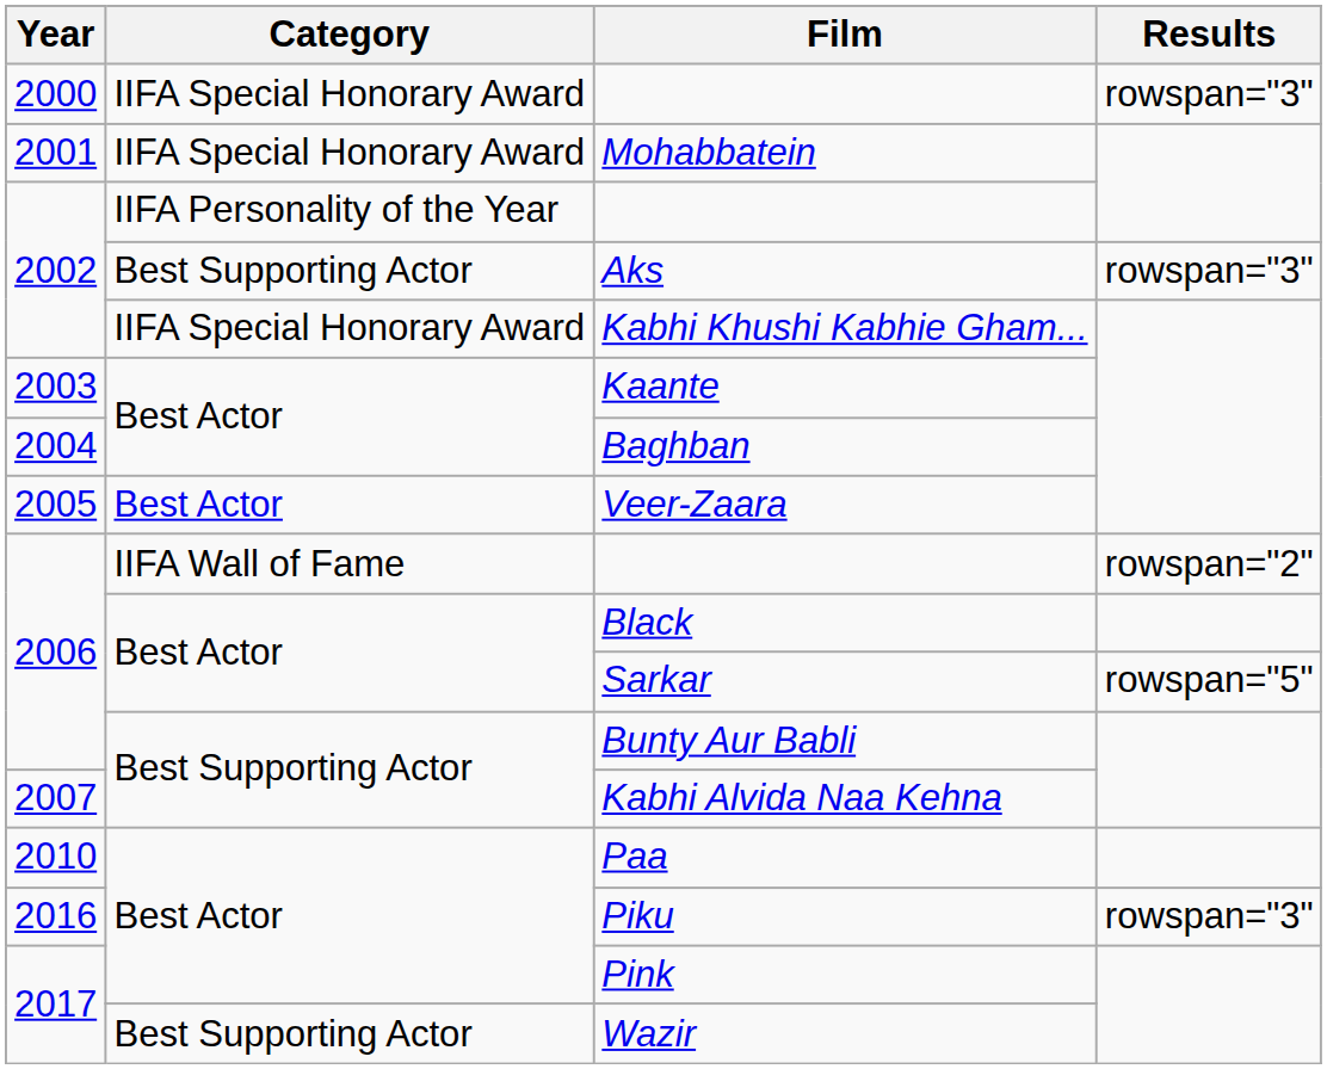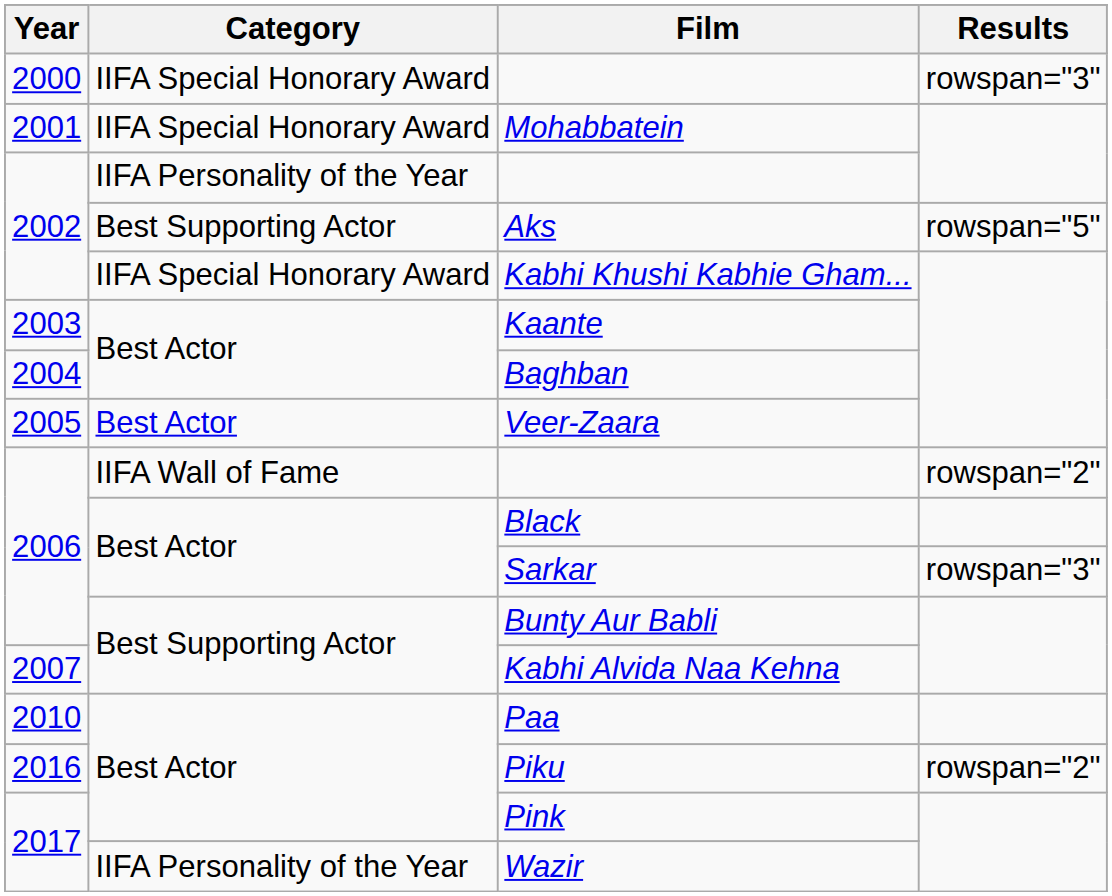 <table class="wikitable sortable">
 <tr>
 <th>Year</th>
 <th>Category</th>
 <th>Film</th>
 <th>Results</th>
 </tr>
 <tr>
 <td><a href='#'>2000</a></td>
 <td>IIFA Special Honorary Award</td>
 <td></td>
 <td>rowspan="3" </td>
 </tr>
 <tr>
 <td><a href='#'>2001</a></td>
 <td>IIFA Special Honorary Award</td>
 <td><em> <a href='#'>Mohabbatein</a></em></td>
 </tr>
 <tr>
 <td rowspan="3"><a href='#'>2002</a></td>
 <td>IIFA Personality of the Year</td>
 <td></td>
 </tr>
 <tr>
 <td>Best Supporting Actor</td>
 <td><em><a href='#'>Aks</a></em></td>
-<td>rowspan="3" </td>
+<td>rowspan="5" </td>
 </tr>
 <tr>
 <td>IIFA Special Honorary Award</td>
 <td><em><a href='#'>Kabhi Khushi Kabhie Gham...</a></em></td>
 </tr>
 <tr>
 <td><a href='#'>2003</a></td>
 <td rowspan="2">Best Actor</td>
 <td><em><a href='#'>Kaante</a></em></td>
 </tr>
 <tr>
 <td><a href='#'>2004</a></td>
 <td><em><a href='#'>Baghban</a></em></td>
 </tr>
 <tr>
 <td><a href='#'>2005</a></td>
 <td><a href='#'>Best Actor</a></td>
 <td><em><a href='#'>Veer-Zaara</a></em></td>
 </tr>
 <tr>
 <td rowspan="4"><a href='#'>2006</a></td>
 <td>IIFA Wall of Fame</td>
 <td></td>
 <td>rowspan="2" </td>
 </tr>
 <tr>
 <td rowspan="2">Best Actor</td>
 <td><em><a href='#'>Black</a></em></td>
 </tr>
 <tr>
 <td><em><a href='#'>Sarkar</a></em></td>
-<td>rowspan="5" </td>
+<td>rowspan="3" </td>
 </tr>
 <tr>
 <td rowspan="2">Best Supporting Actor</td>
 <td><em><a href='#'>Bunty Aur Babli</a></em></td>
 </tr>
 <tr>
 <td><a href='#'>2007</a></td>
 <td><em><a href='#'>Kabhi Alvida Naa Kehna</a></em></td>
 </tr>
 <tr>
 <td><a href='#'>2010</a></td>
 <td rowspan="3">Best Actor</td>
 <td><em><a href='#'>Paa</a></em></td>
 <td></td>
 </tr>
 <tr>
 <td><a href='#'>2016</a></td>
 <td><em><a href='#'>Piku</a></em></td>
-<td>rowspan="3" </td>
+<td>rowspan="2" </td>
 </tr>
 <tr>
 <td rowspan="2"><a href='#'>2017</a></td>
 <td><em><a href='#'>Pink</a></em></td>
 </tr>
 <tr>
-<td>Best Supporting Actor</td>
+<td>IIFA Personality of the Year</td>
 <td><em><a href='#'>Wazir</a></em></td>
 </tr>
 </table>
